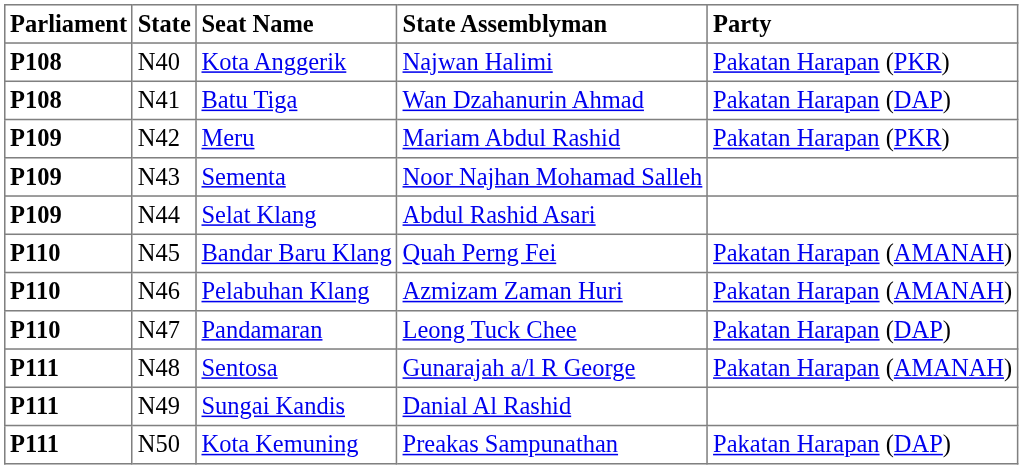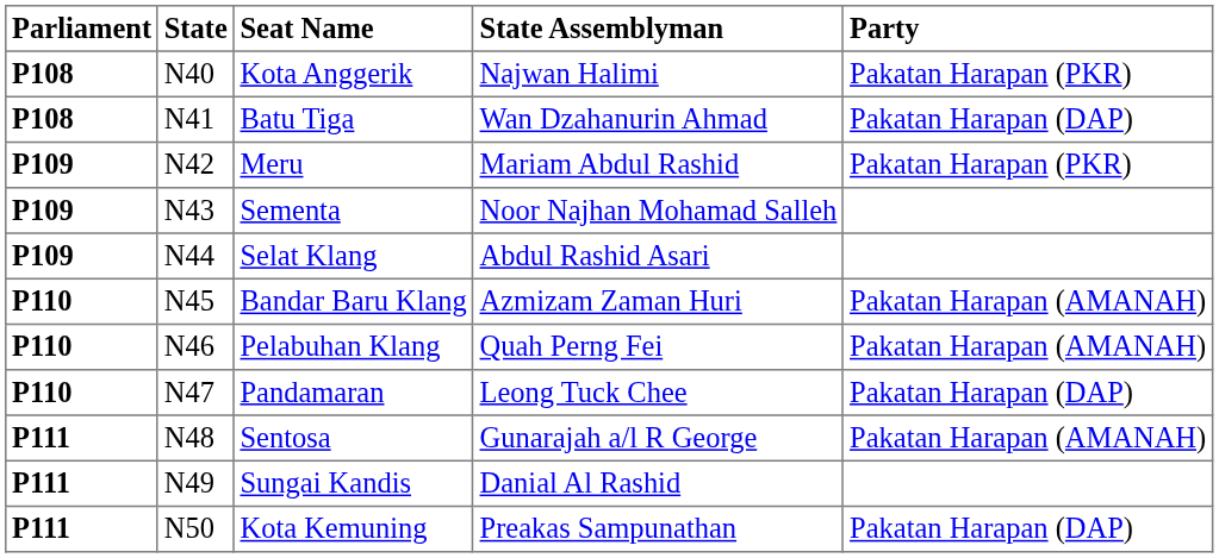 <table class="toccolours sortable" border="1" cellpadding="3" style="border-collapse:collapse; text-align: left;">
 <tr>
 <th align="center">Parliament</th>
 <th>State</th>
 <th>Seat Name</th>
 <th>State Assemblyman</th>
 <th>Party</th>
 </tr>
 <tr>
 <th align="left">P108</th>
 <td>N40</td>
 <td><a href='#'>Kota Anggerik</a></td>
 <td><a href='#'>Najwan Halimi</a></td>
 <td><a href='#'>Pakatan Harapan</a> (<a href='#'>PKR</a>)</td>
 </tr>
 <tr>
 <th align="left">P108</th>
 <td>N41</td>
 <td><a href='#'>Batu Tiga</a></td>
 <td><a href='#'>Wan Dzahanurin Ahmad</a></td>
 <td><a href='#'>Pakatan Harapan</a> (<a href='#'>DAP</a>)</td>
 </tr>
 <tr>
 <th align="left">P109</th>
 <td>N42</td>
 <td><a href='#'>Meru</a></td>
 <td><a href='#'>Mariam Abdul Rashid</a></td>
 <td><a href='#'>Pakatan Harapan</a> (<a href='#'>PKR</a>)</td>
 </tr>
 <tr>
 <th align="left">P109</th>
 <td>N43</td>
 <td><a href='#'>Sementa</a></td>
 <td><a href='#'>Noor Najhan Mohamad Salleh</a></td>
 <td></td>
 </tr>
 <tr>
 <th align="left">P109</th>
 <td>N44</td>
 <td><a href='#'>Selat Klang</a></td>
 <td><a href='#'>Abdul Rashid Asari</a></td>
 <td></td>
 </tr>
 <tr>
 <th align="left">P110</th>
 <td>N45</td>
 <td><a href='#'>Bandar Baru Klang</a></td>
-<td><a href='#'>Quah Perng Fei</a></td>
+<td><a href='#'>Azmizam Zaman Huri</a></td>
 <td><a href='#'>Pakatan Harapan</a> (<a href='#'>AMANAH</a>)</td>
 </tr>
 <tr>
 <th align="left">P110</th>
 <td>N46</td>
 <td><a href='#'>Pelabuhan Klang</a></td>
-<td><a href='#'>Azmizam Zaman Huri</a></td>
+<td><a href='#'>Quah Perng Fei</a></td>
 <td><a href='#'>Pakatan Harapan</a> (<a href='#'>AMANAH</a>)</td>
 </tr>
 <tr>
 <th align="left">P110</th>
 <td>N47</td>
 <td><a href='#'>Pandamaran</a></td>
 <td><a href='#'>Leong Tuck Chee</a></td>
 <td><a href='#'>Pakatan Harapan</a> (<a href='#'>DAP</a>)</td>
 </tr>
 <tr>
 <th align="left">P111</th>
 <td>N48</td>
 <td><a href='#'>Sentosa</a></td>
 <td><a href='#'>Gunarajah a/l R George</a></td>
 <td><a href='#'>Pakatan Harapan</a> (<a href='#'>AMANAH</a>)</td>
 </tr>
 <tr>
 <th align="left">P111</th>
 <td>N49</td>
 <td><a href='#'>Sungai Kandis</a></td>
 <td><a href='#'>Danial Al Rashid</a></td>
 <td></td>
 </tr>
 <tr>
 <th align="left">P111</th>
 <td>N50</td>
 <td><a href='#'>Kota Kemuning</a></td>
 <td><a href='#'>Preakas Sampunathan</a></td>
 <td><a href='#'>Pakatan Harapan</a> (<a href='#'>DAP</a>)</td>
 </tr>
 </table>
